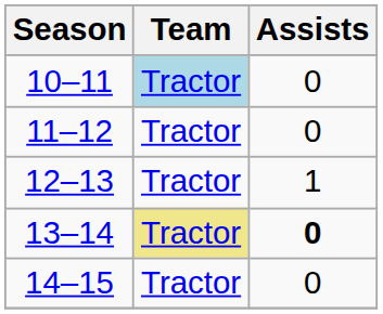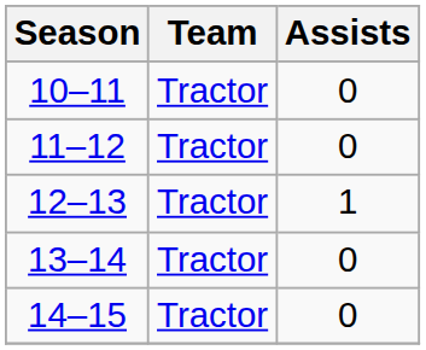 <table class="wikitable" style="text-align: center;">
 <tr>
 <th>Season</th>
 <th>Team</th>
 <th>Assists</th>
 </tr>
 <tr>
 <td><a href='#'>10–11</a></td>
-<td align="left" style="background: lightblue;"><a href='#'>Tractor</a></td>
+<td align="left"><a href='#'>Tractor</a></td>
 <td>0</td>
 </tr>
 <tr>
 <td><a href='#'>11–12</a></td>
 <td align="left"><a href='#'>Tractor</a></td>
 <td>0</td>
 </tr>
 <tr>
 <td><a href='#'>12–13</a></td>
 <td align="left"><a href='#'>Tractor</a></td>
 <td>1</td>
 </tr>
 <tr>
 <td><a href='#'>13–14</a></td>
-<td align="left" style="background: khaki;"><a href='#'>Tractor</a></td>
-<td><strong>0</strong></td>
+<td align="left"><a href='#'>Tractor</a></td>
+<td>0</td>
 </tr>
 <tr>
 <td><a href='#'>14–15</a></td>
 <td align="left"><a href='#'>Tractor</a></td>
 <td>0</td>
 </tr>
 <tr>
 </tr>
 </table>
